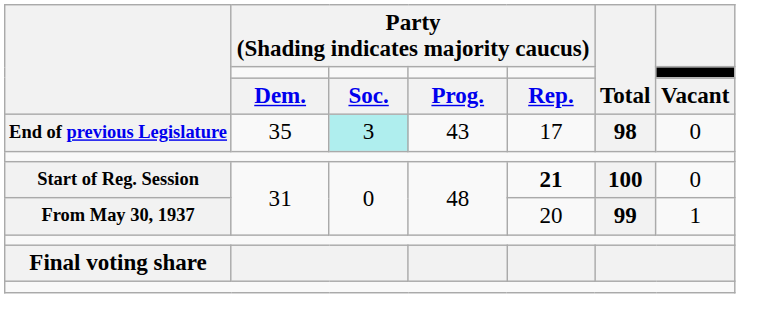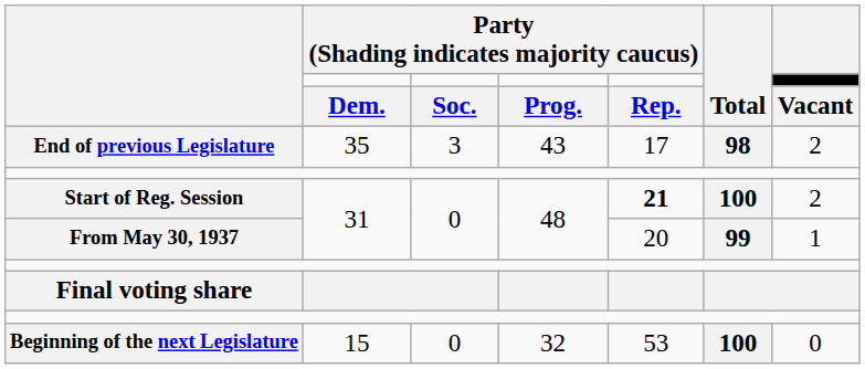 <table class=wikitable style="text-align:center">
 <tr style="vertical-align:bottom;">
 <th rowspan=3></th>
 <th colspan=4>Party <div>(Shading indicates majority caucus)</div></th>
 <th rowspan=3>Total</th>
 <th></th>
 </tr>
 <tr style="height:5px">
 <td style="background-color:"></td>
 <td style="background-color:"></td>
 <td style="background-color:"></td>
 <td style="background-color:"></td>
 <td style="background:black;"></td>
 </tr>
 <tr>
 <th><a href='#'>Dem.</a></th>
 <th><a href='#'>Soc.</a></th>
 <th><a href='#'>Prog.</a></th>
 <th><a href='#'>Rep.</a></th>
 <th>Vacant</th>
 </tr>
 <tr>
 <th style="font-size:80%;">End of <a href='#'>previous Legislature</a></th>
 <td>35</td>
-<td style="background: paleturquoise;">3</td>
+<td>3</td>
 <td>43</td>
 <td>17</td>
 <th>98</th>
-<td>0</td>
+<td>2</td>
 </tr>
 <tr>
 <td colspan=7></td>
 </tr>
 <tr>
 <th style="font-size:80%;">Start of Reg. Session</th>
 <td rowspan="2">31</td>
 <td rowspan="2">0</td>
 <td rowspan="2" >48</td>
 <td><strong>21</strong></td>
 <th>100</th>
-<td>0</td>
+<td>2</td>
 </tr>
 <tr>
 <th style="font-size:80%;">From May 30, 1937</th>
 <td>20</td>
 <th>99</th>
 <td>1</td>
 </tr>
 <tr>
 <td colspan=7></td>
 </tr>
 <tr>
 <th>Final voting share</th>
 <th colspan="2"></th>
 <th></th>
 <th></th>
 <th colspan=2></th>
 </tr>
 <tr>
 <td colspan=7></td>
 </tr>
+<tr>
+<th style="font-size:80%;">Beginning of the <a href='#'>next Legislature</a></th>
+<td>15</td>
+<td>0</td>
+<td>32</td>
+<td>53</td>
+<th>100</th>
+<td>0</td>
+</tr>
 </table>
